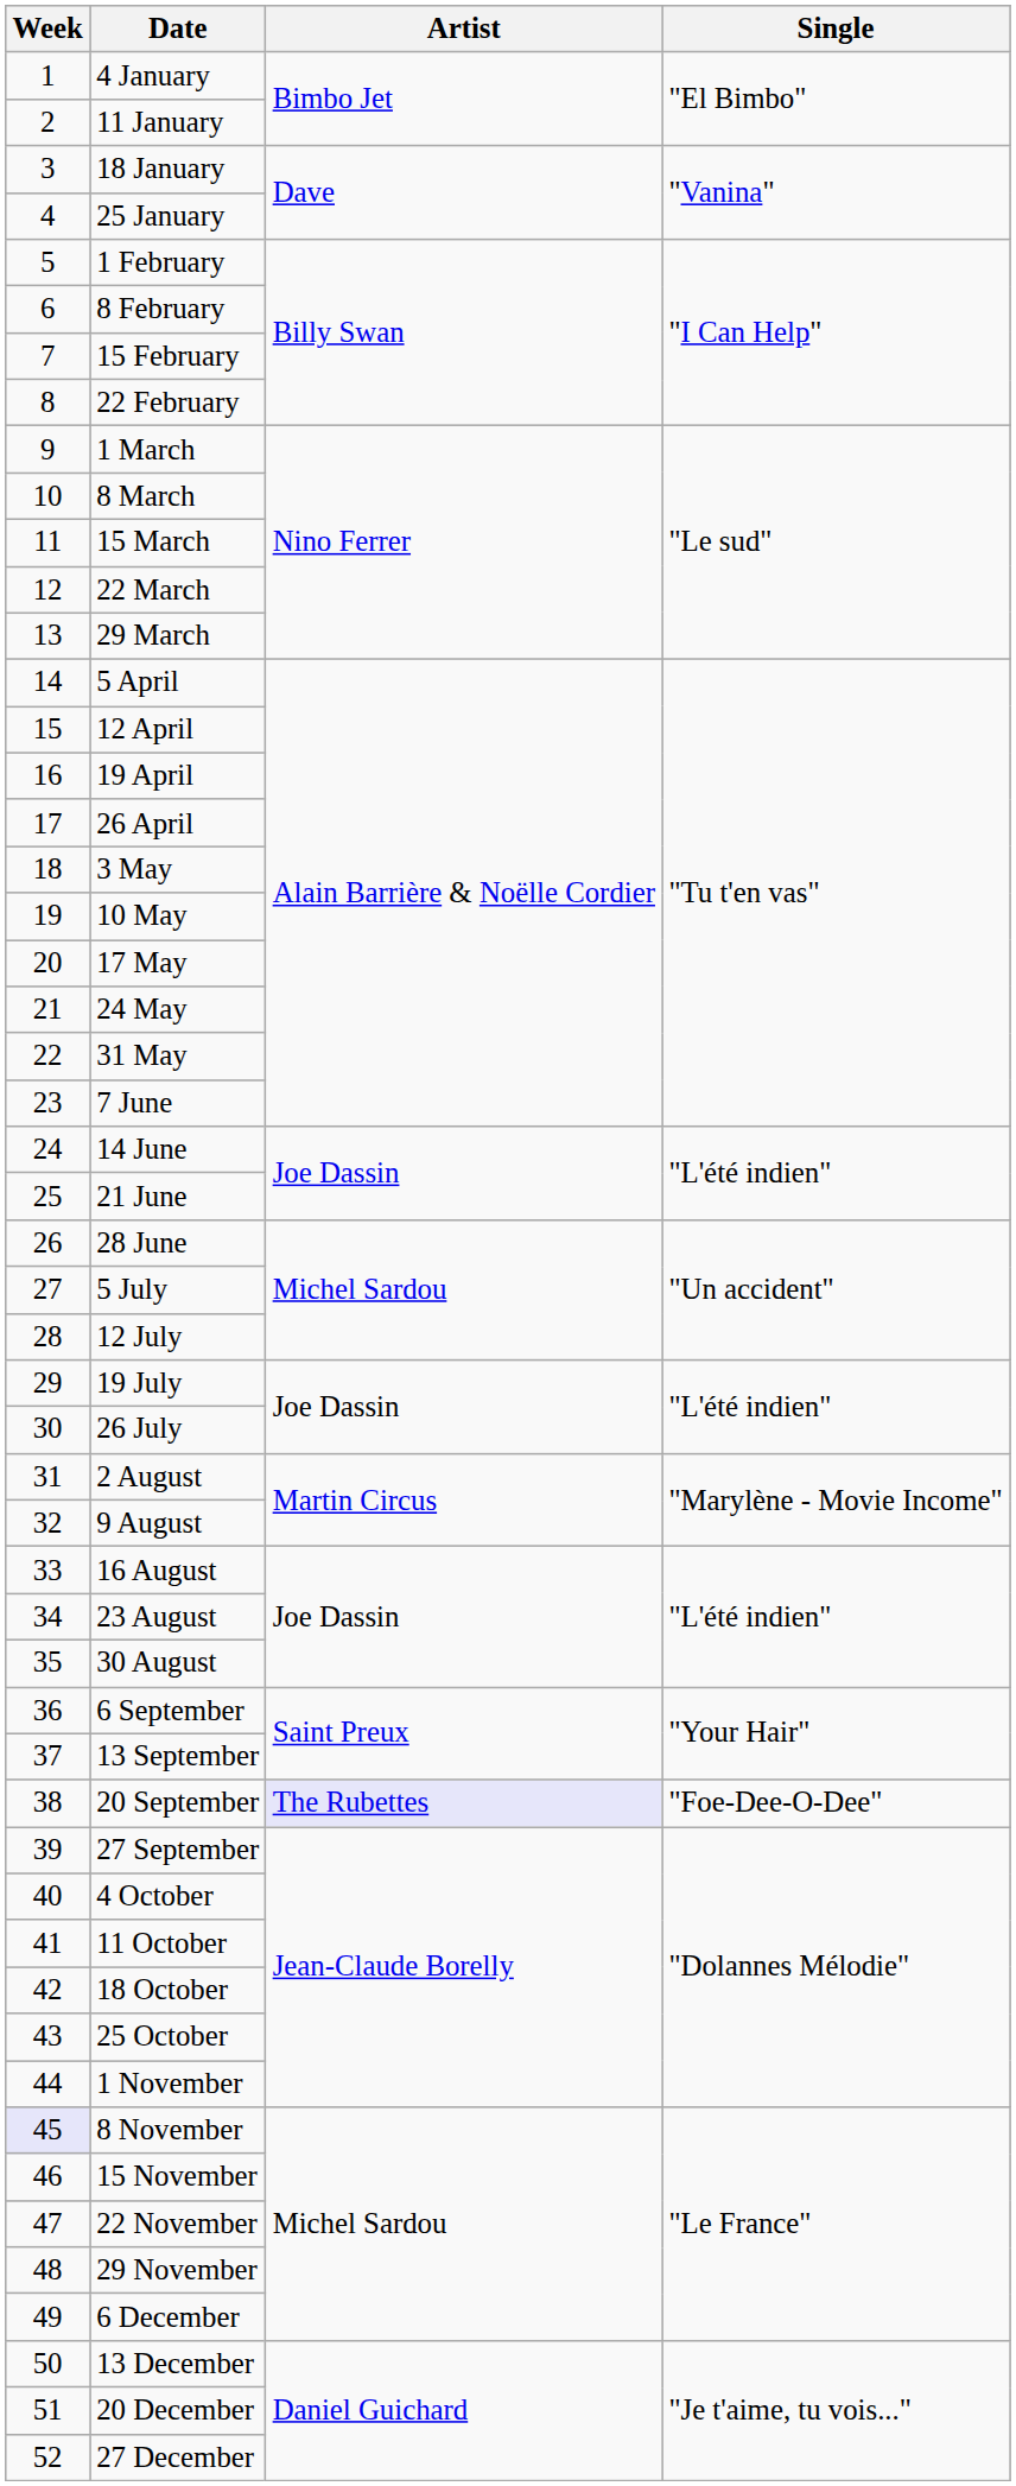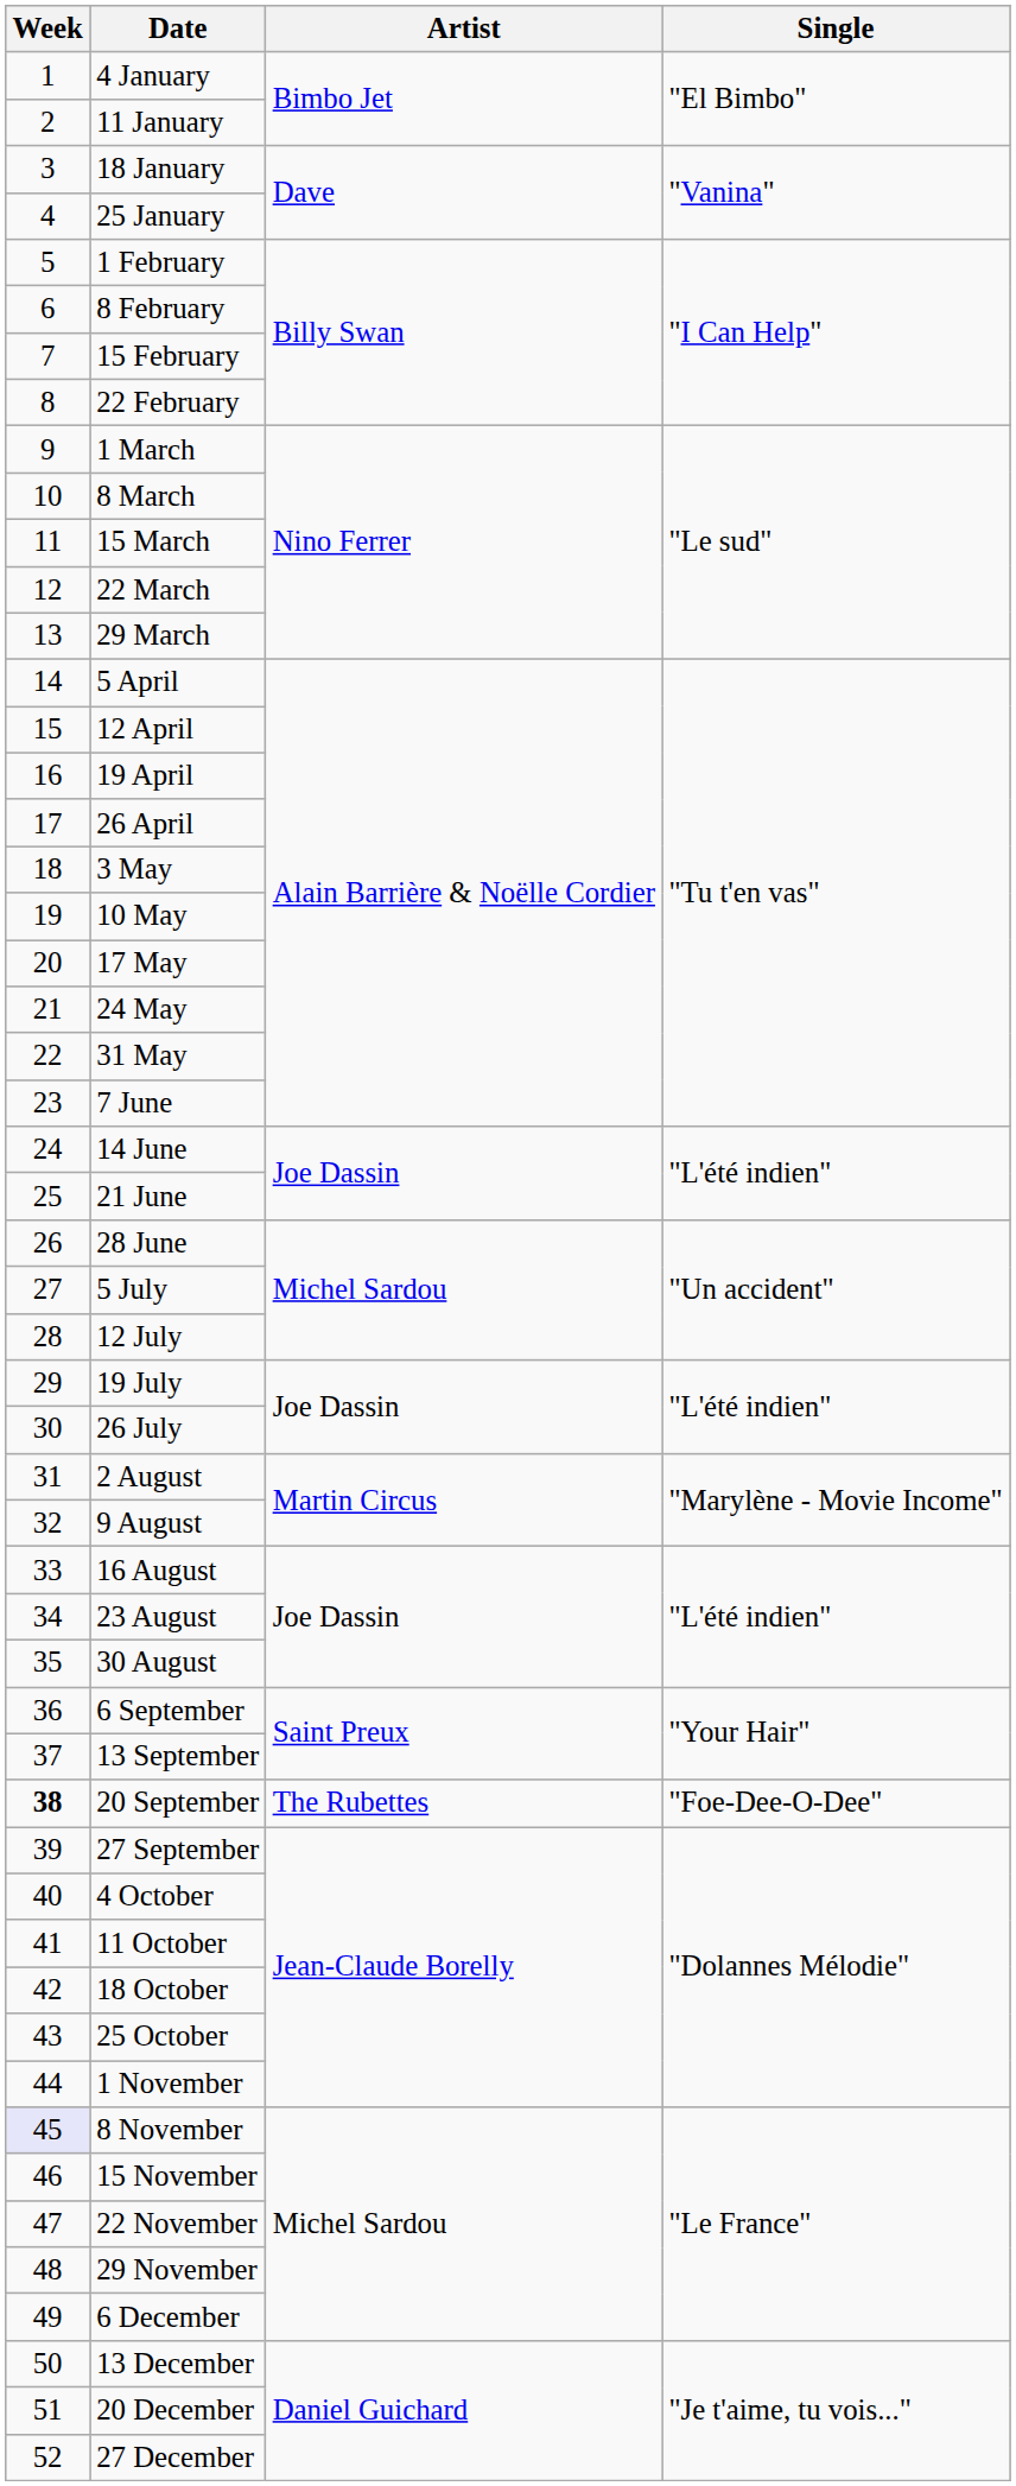 <table class="wikitable">
 <tr>
 <th>Week</th>
 <th>Date</th>
 <th>Artist</th>
 <th>Single</th>
 </tr>
 <tr>
 <td style="text-align: center;">1</td>
 <td>4 January</td>
 <td rowspan="2"><a href='#'>Bimbo Jet</a></td>
 <td rowspan="2">"El Bimbo"</td>
 </tr>
 <tr>
 <td style="text-align: center;">2</td>
 <td>11 January</td>
 </tr>
 <tr>
 <td style="text-align: center;">3</td>
 <td>18 January</td>
 <td rowspan="2"><a href='#'>Dave</a></td>
 <td rowspan="2">"<a href='#'>Vanina</a>"</td>
 </tr>
 <tr>
 <td style="text-align: center;">4</td>
 <td>25 January</td>
 </tr>
 <tr>
 <td style="text-align: center;">5</td>
 <td>1 February</td>
 <td rowspan="4"><a href='#'>Billy Swan</a></td>
 <td rowspan="4">"<a href='#'>I Can Help</a>"</td>
 </tr>
 <tr>
 <td style="text-align: center;">6</td>
 <td>8 February</td>
 </tr>
 <tr>
 <td style="text-align: center;">7</td>
 <td>15 February</td>
 </tr>
 <tr>
 <td style="text-align: center;">8</td>
 <td>22 February</td>
 </tr>
 <tr>
 <td style="text-align: center;">9</td>
 <td>1 March</td>
 <td rowspan="5"><a href='#'>Nino Ferrer</a></td>
 <td rowspan="5">"Le sud"</td>
 </tr>
 <tr>
 <td style="text-align: center;">10</td>
 <td>8 March</td>
 </tr>
 <tr>
 <td style="text-align: center;">11</td>
 <td>15 March</td>
 </tr>
 <tr>
 <td style="text-align: center;">12</td>
 <td>22 March</td>
 </tr>
 <tr>
 <td style="text-align: center;">13</td>
 <td>29 March</td>
 </tr>
 <tr>
 <td style="text-align: center;">14</td>
 <td>5 April</td>
 <td rowspan="10"><a href='#'>Alain Barrière</a> & <a href='#'>Noëlle Cordier</a></td>
 <td rowspan="10">"Tu t'en vas"</td>
 </tr>
 <tr>
 <td style="text-align: center;">15</td>
 <td>12 April</td>
 </tr>
 <tr>
 <td style="text-align: center;">16</td>
 <td>19 April</td>
 </tr>
 <tr>
 <td style="text-align: center;">17</td>
 <td>26 April</td>
 </tr>
 <tr>
 <td style="text-align: center;">18</td>
 <td>3 May</td>
 </tr>
 <tr>
 <td style="text-align: center;">19</td>
 <td>10 May</td>
 </tr>
 <tr>
 <td style="text-align: center;">20</td>
 <td>17 May</td>
 </tr>
 <tr>
 <td style="text-align: center;">21</td>
 <td>24 May</td>
 </tr>
 <tr>
 <td style="text-align: center;">22</td>
 <td>31 May</td>
 </tr>
 <tr>
 <td style="text-align: center;">23</td>
 <td>7 June</td>
 </tr>
 <tr>
 <td style="text-align: center;">24</td>
 <td>14 June</td>
 <td rowspan="2"><a href='#'>Joe Dassin</a></td>
 <td rowspan="2">"L'été indien"</td>
 </tr>
 <tr>
 <td style="text-align: center;">25</td>
 <td>21 June</td>
 </tr>
 <tr>
 <td style="text-align: center;">26</td>
 <td>28 June</td>
 <td rowspan="3"><a href='#'>Michel Sardou</a></td>
 <td rowspan="3">"Un accident"</td>
 </tr>
 <tr>
 <td style="text-align: center;">27</td>
 <td>5 July</td>
 </tr>
 <tr>
 <td style="text-align: center;">28</td>
 <td>12 July</td>
 </tr>
 <tr>
 <td style="text-align: center;">29</td>
 <td>19 July</td>
 <td rowspan="2">Joe Dassin</td>
 <td rowspan="2">"L'été indien"</td>
 </tr>
 <tr>
 <td style="text-align: center;">30</td>
 <td>26 July</td>
 </tr>
 <tr>
 <td style="text-align: center;">31</td>
 <td>2 August</td>
 <td rowspan="2"><a href='#'>Martin Circus</a></td>
 <td rowspan="2">"Marylène - Movie Income"</td>
 </tr>
 <tr>
 <td style="text-align: center;">32</td>
 <td>9 August</td>
 </tr>
 <tr>
 <td style="text-align: center;">33</td>
 <td>16 August</td>
 <td rowspan="3">Joe Dassin</td>
 <td rowspan="3">"L'été indien"</td>
 </tr>
 <tr>
 <td style="text-align: center;">34</td>
 <td>23 August</td>
 </tr>
 <tr>
 <td style="text-align: center;">35</td>
 <td>30 August</td>
 </tr>
 <tr>
 <td style="text-align: center;">36</td>
 <td>6 September</td>
 <td rowspan="2"><a href='#'>Saint Preux</a></td>
 <td rowspan="2">"Your Hair"</td>
 </tr>
 <tr>
 <td style="text-align: center;">37</td>
 <td>13 September</td>
 </tr>
 <tr>
-<td style="text-align: center;">38</td>
+<td style="text-align: center;"><strong>38</strong></td>
 <td>20 September</td>
-<td style="background: lavender;"><a href='#'>The Rubettes</a></td>
+<td><a href='#'>The Rubettes</a></td>
 <td>"Foe-Dee-O-Dee"</td>
 </tr>
 <tr>
 <td style="text-align: center;">39</td>
 <td>27 September</td>
 <td rowspan="6"><a href='#'>Jean-Claude Borelly</a></td>
 <td rowspan="6">"Dolannes Mélodie"</td>
 </tr>
 <tr>
 <td style="text-align: center;">40</td>
 <td>4 October</td>
 </tr>
 <tr>
 <td style="text-align: center;">41</td>
 <td>11 October</td>
 </tr>
 <tr>
 <td style="text-align: center;">42</td>
 <td>18 October</td>
 </tr>
 <tr>
 <td style="text-align: center;">43</td>
 <td>25 October</td>
 </tr>
 <tr>
 <td style="text-align: center;">44</td>
 <td>1 November</td>
 </tr>
 <tr>
 <td style="background: lavender; text-align: center;">45</td>
 <td>8 November</td>
 <td rowspan="5">Michel Sardou</td>
 <td rowspan="5">"Le France"</td>
 </tr>
 <tr>
 <td style="text-align: center;">46</td>
 <td>15 November</td>
 </tr>
 <tr>
 <td style="text-align: center;">47</td>
 <td>22 November</td>
 </tr>
 <tr>
 <td style="text-align: center;">48</td>
 <td>29 November</td>
 </tr>
 <tr>
 <td style="text-align: center;">49</td>
 <td>6 December</td>
 </tr>
 <tr>
 <td style="text-align: center;">50</td>
 <td>13 December</td>
 <td rowspan="3"><a href='#'>Daniel Guichard</a></td>
 <td rowspan="3">"Je t'aime, tu vois..."</td>
 </tr>
 <tr>
 <td style="text-align: center;">51</td>
 <td>20 December</td>
 </tr>
 <tr>
 <td style="text-align: center;">52</td>
 <td>27 December</td>
 </tr>
 </table>
